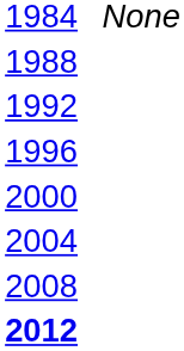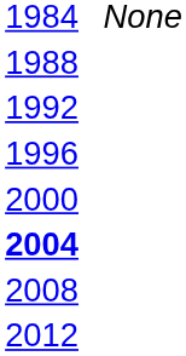 <table>
 <tr>
 <td><a href='#'>1984</a></td>
 <td></td>
 <td></td>
 <td align="center"><em>None</em></td>
 </tr>
 <tr>
 <td><a href='#'>1988</a></td>
 <td></td>
 <td></td>
 <td></td>
 </tr>
 <tr>
 <td><a href='#'>1992</a></td>
 <td></td>
 <td></td>
 <td></td>
 </tr>
 <tr>
 <td><a href='#'>1996</a></td>
 <td></td>
 <td></td>
 <td></td>
 </tr>
 <tr>
 <td><a href='#'>2000</a></td>
 <td></td>
 <td></td>
 <td></td>
 </tr>
 <tr>
-<td><a href='#'>2004</a></td>
+<td><strong><a href='#'>2004</a></strong></td>
 <td></td>
 <td></td>
 <td></td>
 </tr>
 <tr>
 <td><a href='#'>2008</a></td>
 <td></td>
 <td></td>
 <td></td>
 </tr>
 <tr>
-<td><strong><a href='#'>2012</a></strong></td>
+<td><a href='#'>2012</a></td>
 <td></td>
 <td></td>
 <td></td>
 </tr>
 </table>
